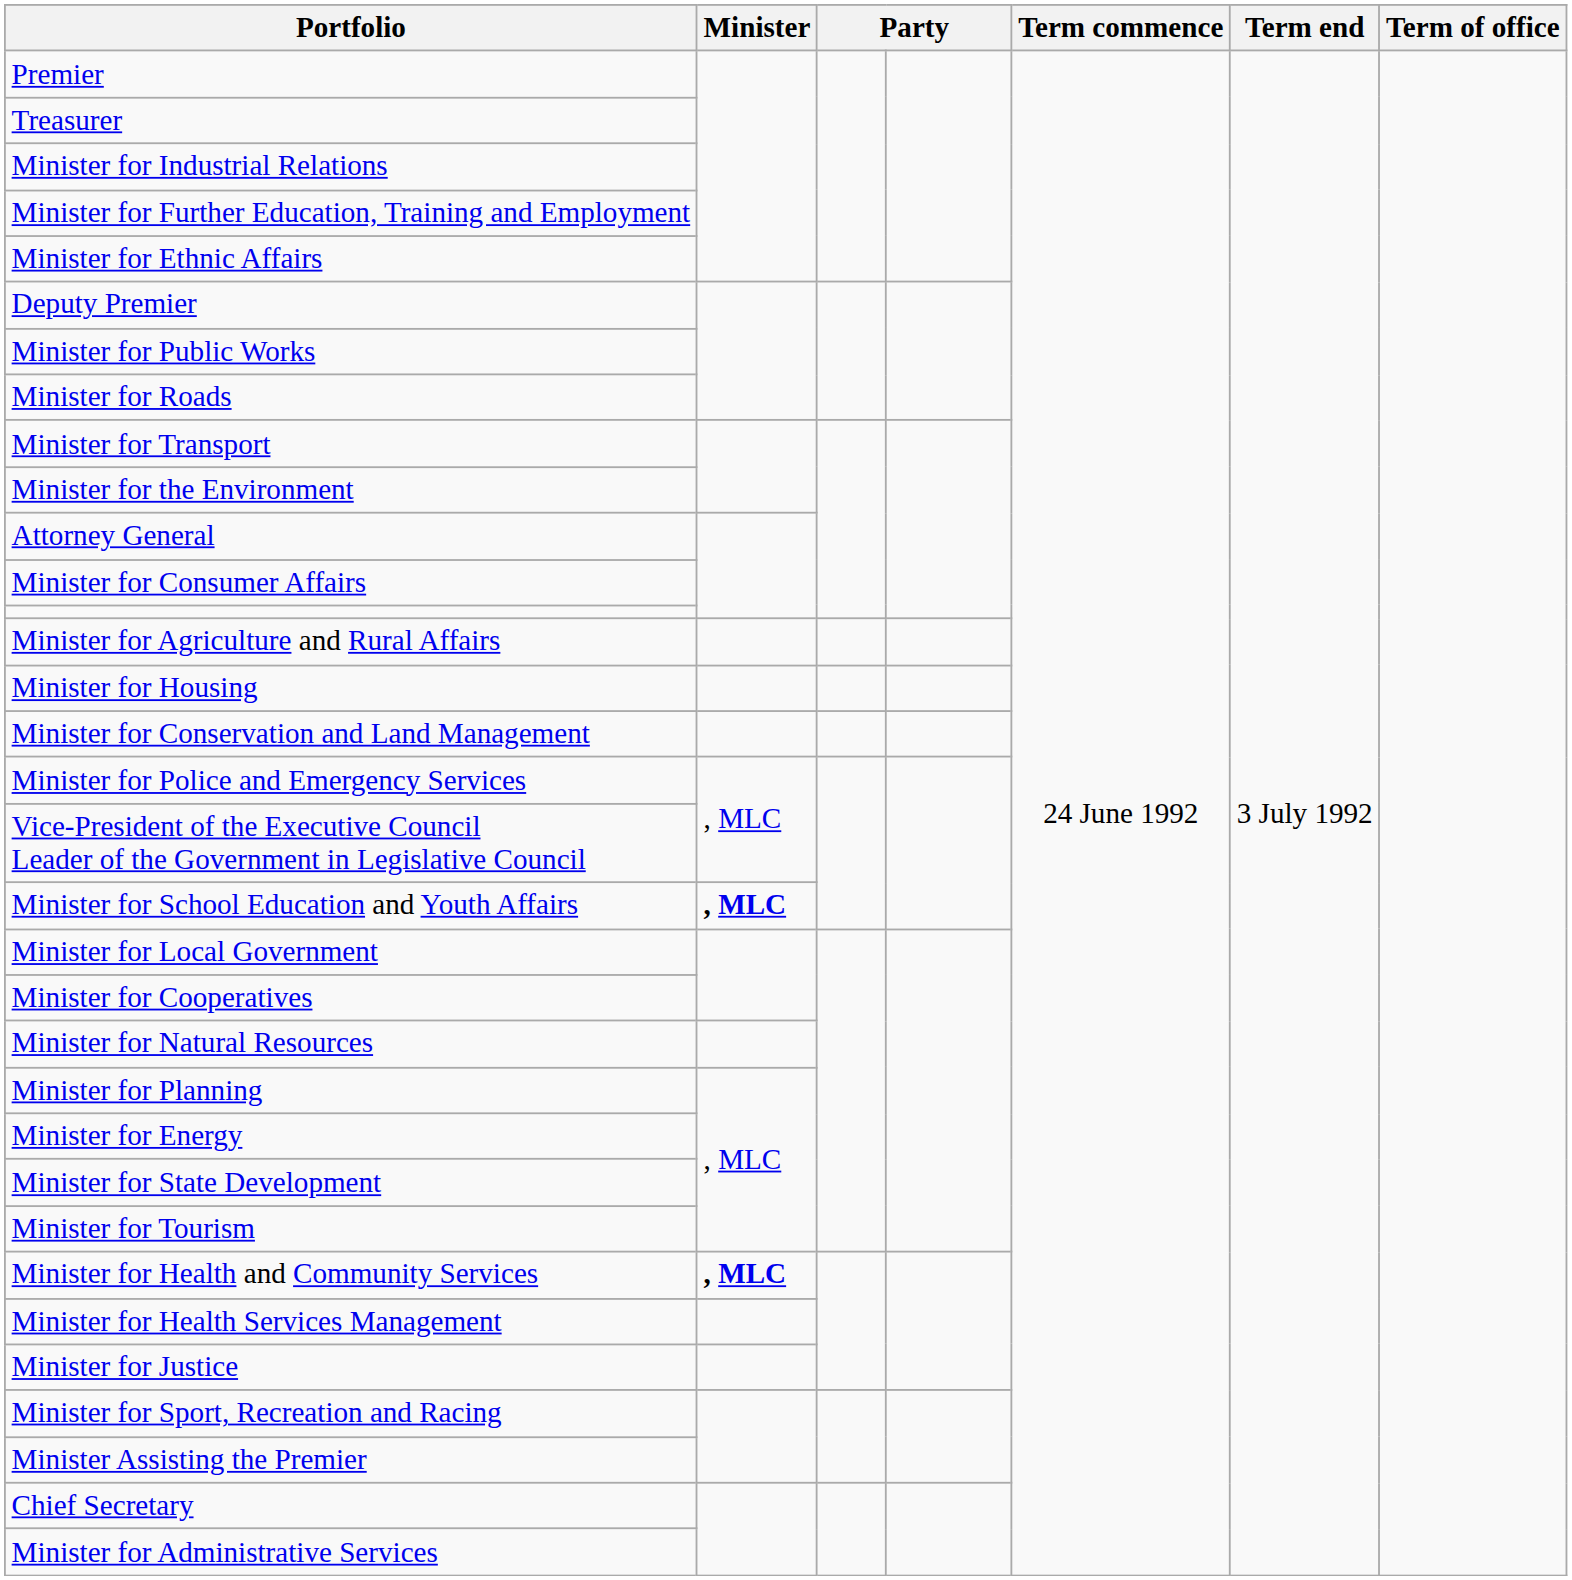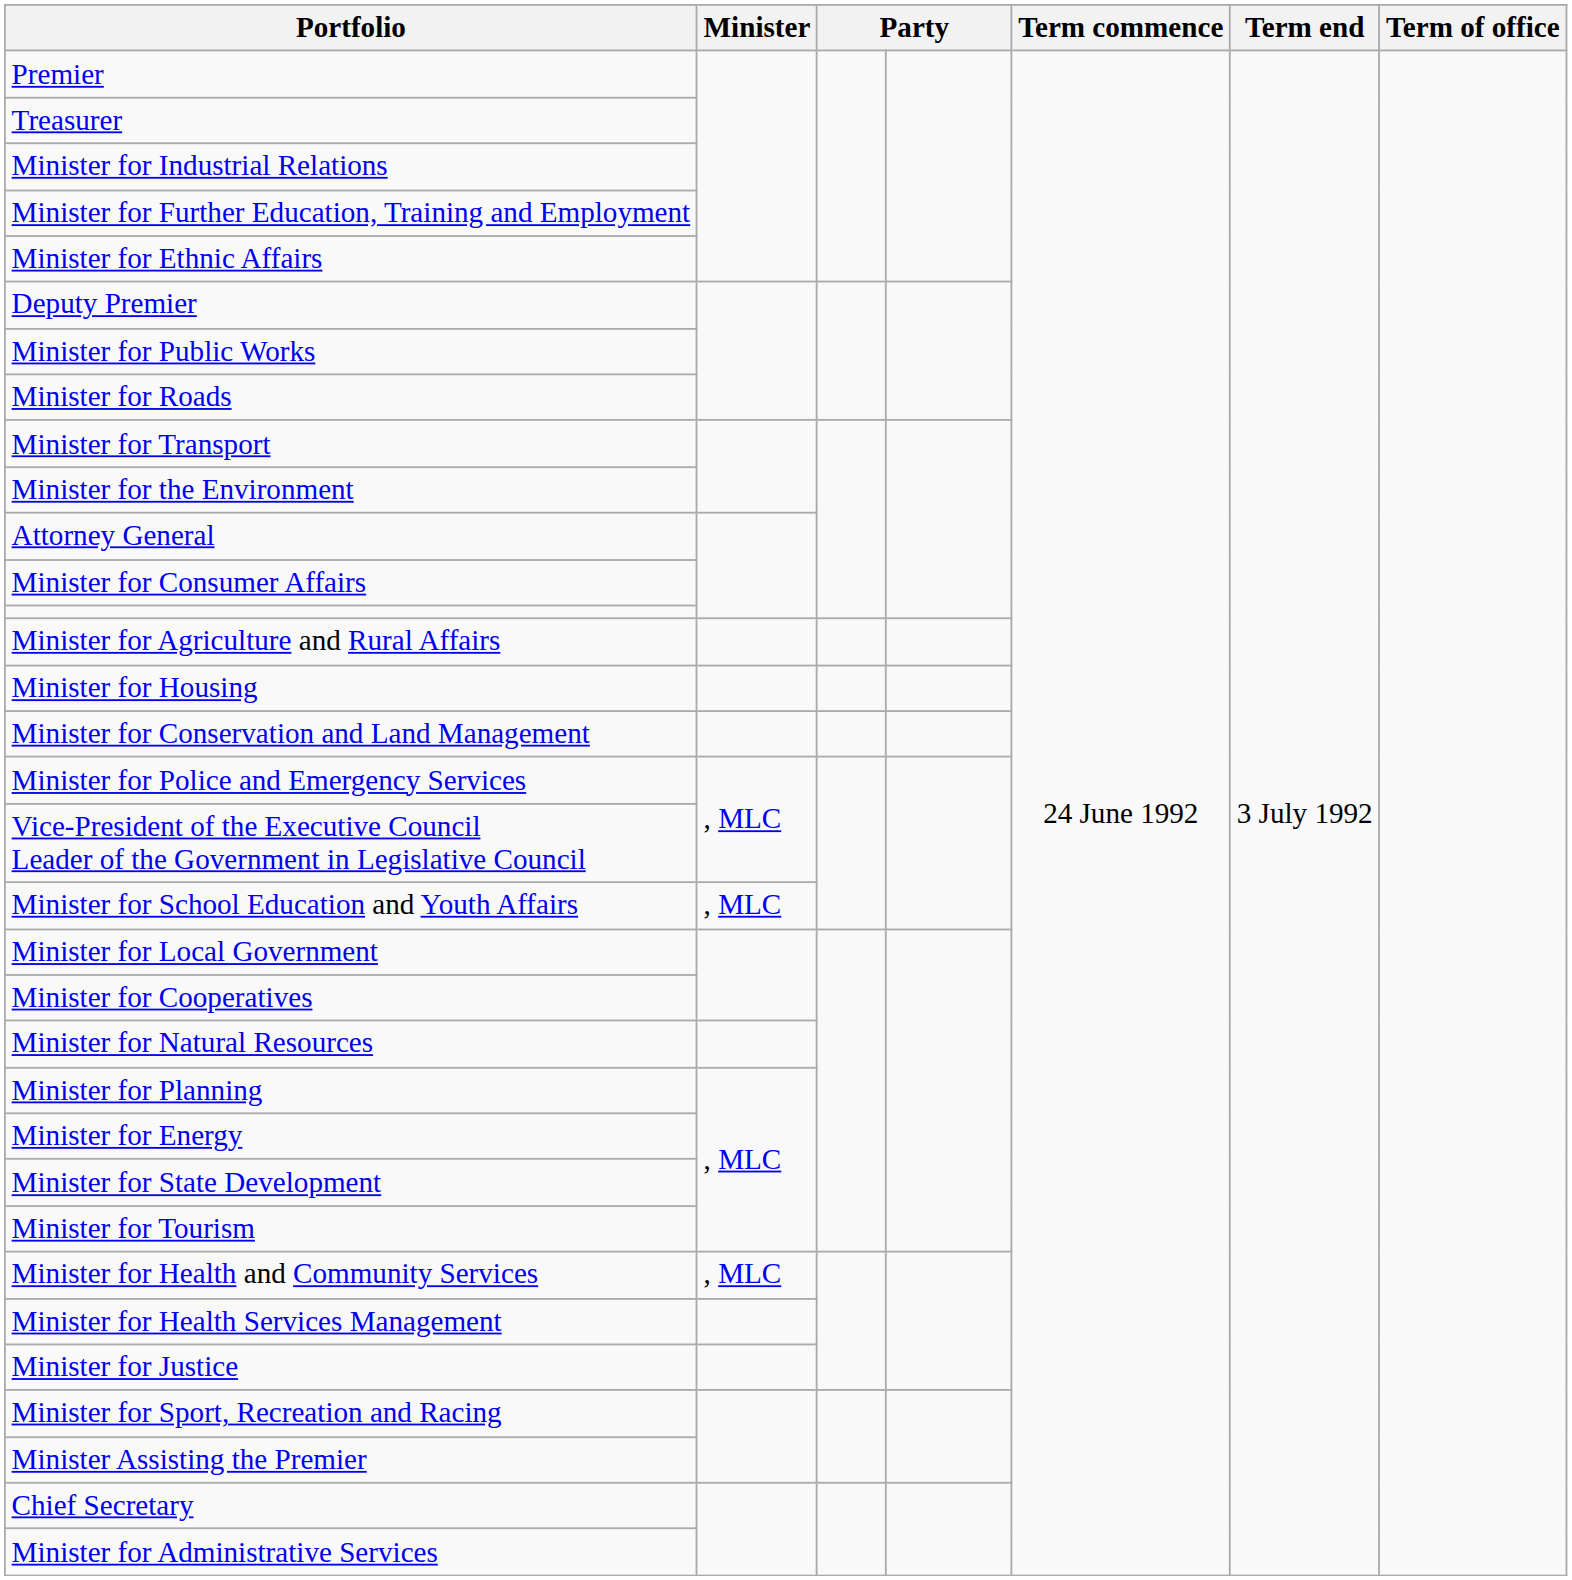 <table class="wikitable sortable">
 <tr>
 <th>Portfolio</th>
 <th>Minister</th>
 <th colspan=2>Party</th>
 <th>Term commence</th>
 <th>Term end</th>
 <th>Term of office</th>
 </tr>
 <tr>
 <td><a href='#'>Premier</a></td>
 <td rowspan=5></td>
 <td rowspan=5 > </td>
 <td rowspan=5 width=8%></td>
 <td rowspan=33 align=center>24 June 1992</td>
 <td rowspan=33 align=center>3 July 1992</td>
 <td rowspan=33 align=right></td>
 </tr>
 <tr>
 <td><a href='#'>Treasurer</a></td>
 </tr>
 <tr>
 <td><a href='#'>Minister for Industrial Relations</a></td>
 </tr>
 <tr>
 <td><a href='#'>Minister for Further Education, Training and Employment</a></td>
 </tr>
 <tr>
 <td><a href='#'>Minister for Ethnic Affairs</a></td>
 </tr>
 <tr>
 <td><a href='#'>Deputy Premier</a></td>
 <td rowspan=3></td>
 <td rowspan=3 > </td>
 <td rowspan=3></td>
 </tr>
 <tr>
 <td><a href='#'>Minister for Public Works</a></td>
 </tr>
 <tr>
 <td><a href='#'>Minister for Roads</a></td>
 </tr>
 <tr>
 <td><a href='#'>Minister for Transport</a></td>
 <td rowspan=2></td>
 <td rowspan=5 > </td>
 <td rowspan=5></td>
 </tr>
 <tr>
 <td><a href='#'>Minister for the Environment</a></td>
 </tr>
 <tr>
 <td><a href='#'>Attorney General</a></td>
 <td rowspan=3></td>
 </tr>
 <tr>
 <td><a href='#'>Minister for Consumer Affairs</a></td>
 </tr>
 <tr>
 <td></td>
 </tr>
 <tr>
 <td><a href='#'>Minister for Agriculture</a> and <a href='#'>Rural Affairs</a></td>
 <td></td>
 <td> </td>
 <td></td>
 </tr>
 <tr>
 <td><a href='#'>Minister for Housing</a></td>
 <td></td>
 <td> </td>
 <td></td>
 </tr>
 <tr>
 <td><a href='#'>Minister for Conservation and Land Management</a></td>
 <td></td>
 <td> </td>
 <td></td>
 </tr>
 <tr>
 <td><a href='#'>Minister for Police and Emergency Services</a></td>
 <td rowspan=2>, <a href='#'>MLC</a></td>
 <td rowspan=3 > </td>
 <td rowspan=3></td>
 </tr>
 <tr>
 <td><a href='#'>Vice-President of the Executive Council</a><br><a href='#'>Leader of the Government in Legislative Council</a></td>
 </tr>
 <tr>
 <td><a href='#'>Minister for School Education</a> and <a href='#'>Youth Affairs</a></td>
-<td><strong>, <a href='#'>MLC</a></strong></td>
+<td>, <a href='#'>MLC</a></td>
 </tr>
 <tr>
 <td><a href='#'>Minister for Local Government</a></td>
 <td rowspan=2></td>
 <td rowspan=7 > </td>
 <td rowspan=7></td>
 </tr>
 <tr>
 <td><a href='#'>Minister for Cooperatives</a></td>
 </tr>
 <tr>
 <td><a href='#'>Minister for Natural Resources</a></td>
 <td></td>
 </tr>
 <tr>
 <td><a href='#'>Minister for Planning</a></td>
 <td rowspan=4>, <a href='#'>MLC</a></td>
 </tr>
 <tr>
 <td><a href='#'>Minister for Energy</a></td>
 </tr>
 <tr>
 <td><a href='#'>Minister for State Development</a></td>
 </tr>
 <tr>
 <td><a href='#'>Minister for Tourism</a></td>
 </tr>
 <tr>
 <td><a href='#'>Minister for Health</a> and <a href='#'>Community Services</a></td>
-<td><strong>, <a href='#'>MLC</a></strong></td>
+<td>, <a href='#'>MLC</a></td>
 <td rowspan=3 > </td>
 <td rowspan=3></td>
 </tr>
 <tr>
 <td><a href='#'>Minister for Health Services Management</a></td>
 <td></td>
 </tr>
 <tr>
 <td><a href='#'>Minister for Justice</a></td>
 <td></td>
 </tr>
 <tr>
 <td><a href='#'>Minister for Sport, Recreation and Racing</a></td>
 <td rowspan=2></td>
 <td rowspan=2 > </td>
 <td rowspan=2></td>
 </tr>
 <tr>
 <td><a href='#'>Minister Assisting the Premier</a></td>
 </tr>
 <tr>
 <td><a href='#'>Chief Secretary</a></td>
 <td rowspan=2></td>
 <td rowspan=2 > </td>
 <td rowspan=2></td>
 </tr>
 <tr>
 <td><a href='#'>Minister for Administrative Services</a></td>
 </tr>
 </table>
